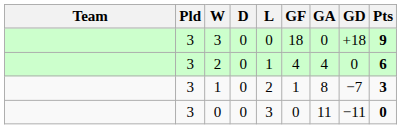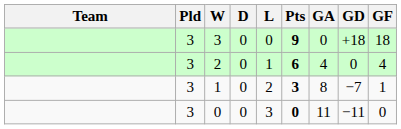 <table class="wikitable" style="text-align: center;">
 <tr>
 <th width=175>Team</th>
 <th width=20 abbr="Played">Pld</th>
 <th width=20 abbr="Won">W</th>
 <th width=20 abbr="Drawn">D</th>
 <th width=20 abbr="Lost">L</th>
-<th width=20 abbr="Goals for">GF</th>
+<th width=20 abbr="Points">Pts</th>
 <th width=20 abbr="Goals against">GA</th>
 <th width=20 abbr="Goal difference">GD</th>
-<th width=20 abbr="Points">Pts</th>
+<th width=20 abbr="Goals for">GF</th>
 </tr>
 <tr bgcolor=ccffcc>
 <td style="text-align:left;"></td>
 <td>3</td>
 <td>3</td>
 <td>0</td>
 <td>0</td>
-<td>18</td>
+<td><strong>9</strong></td>
 <td>0</td>
 <td>+18</td>
-<td><strong>9</strong></td>
+<td>18</td>
 </tr>
 <tr bgcolor=ccffcc>
 <td style="text-align:left;"></td>
 <td>3</td>
 <td>2</td>
 <td>0</td>
 <td>1</td>
-<td>4</td>
+<td><strong>6</strong></td>
 <td>4</td>
 <td>0</td>
-<td><strong>6</strong></td>
+<td>4</td>
 </tr>
 <tr>
 <td style="text-align:left;"></td>
 <td>3</td>
 <td>1</td>
 <td>0</td>
 <td>2</td>
-<td>1</td>
+<td><strong>3</strong></td>
 <td>8</td>
 <td>−7</td>
-<td><strong>3</strong></td>
+<td>1</td>
 </tr>
 <tr>
 <td style="text-align:left;"></td>
 <td>3</td>
 <td>0</td>
 <td>0</td>
 <td>3</td>
-<td>0</td>
+<td><strong>0</strong></td>
 <td>11</td>
 <td>−11</td>
-<td><strong>0</strong></td>
+<td>0</td>
 </tr>
 </table>
